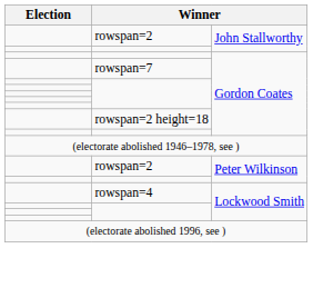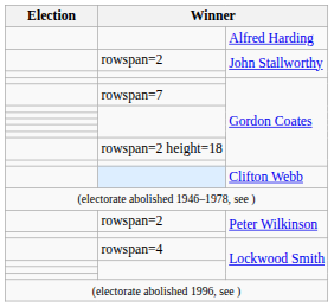 <table class=wikitable>
 <tr>
 <th width=100>Election</th>
 <th colspan=2 width=175>Winner</th>
+</tr>
+<tr>
+<td></td>
+<td></td>
+<td><a href='#'>Alfred Harding</a></td>
 </tr>
 <tr>
 <td></td>
 <td>rowspan=2 </td>
 <td rowspan=2><a href='#'>John Stallworthy</a></td>
 </tr>
 <tr>
 <td></td>
 </tr>
 <tr>
 <td></td>
 <td></td>
 <td rowspan=10><a href='#'>Gordon Coates</a></td>
 </tr>
 <tr>
 <td></td>
 <td>rowspan=7 </td>
 </tr>
 <tr>
 <td></td>
 </tr>
 <tr>
 <td></td>
 </tr>
 <tr>
 <td></td>
 </tr>
 <tr>
 <td></td>
 </tr>
 <tr>
 <td></td>
 </tr>
 <tr>
 <td rowspan=2 height=18></td>
 </tr>
 <tr>
 <td>rowspan=2 height=18 </td>
 </tr>
 <tr>
 <td></td>
 </tr>
 <tr>
+<td></td>
+<td bgcolor=#DDEEFF></td>
+<td><a href='#'>Clifton Webb</a></td>
+</tr>
+<tr>
 <td colspan=3 align=center><small>(electorate abolished 1946–1978, see )</small></td>
 </tr>
 <tr>
 <td></td>
 <td>rowspan=2 </td>
 <td rowspan=2><a href='#'>Peter Wilkinson</a></td>
 </tr>
 <tr>
 <td></td>
 </tr>
 <tr>
 <td></td>
 <td>rowspan=4 </td>
 <td rowspan=4><a href='#'>Lockwood Smith</a></td>
 </tr>
 <tr>
 <td></td>
 </tr>
 <tr>
 <td></td>
 </tr>
 <tr>
 <td></td>
 </tr>
 <tr>
 <td colspan=3 align=center><small>(electorate abolished 1996, see )</small></td>
 </tr>
 </table>
